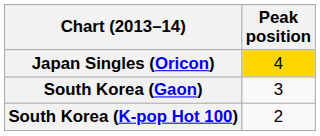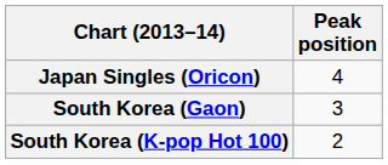 <table class="wikitable plainrowheaders sortable">
 <tr>
 <th scope="col">Chart (2013–14)</th>
 <th scope="col">Peak<br>position</th>
 </tr>
 <tr>
 <th scope="row">Japan Singles (<a href='#'>Oricon</a>)</th>
-<td style="background: gold; text-align:center;">4</td>
+<td style="text-align:center;">4</td>
 </tr>
 <tr>
 <th scope="row">South Korea (<a href='#'>Gaon</a>)</th>
 <td style="text-align:center;">3</td>
 </tr>
 <tr>
 <th scope="row">South Korea (<a href='#'>K-pop Hot 100</a>)</th>
 <td style="text-align:center;">2</td>
 </tr>
 </table>
